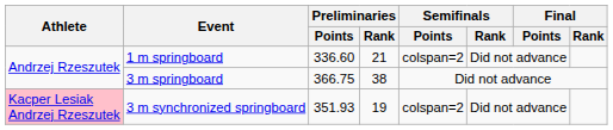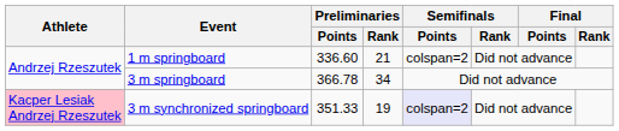 <table class=wikitable style="font-size:90%;">
 <tr>
 <th rowspan="2">Athlete</th>
 <th rowspan="2">Event</th>
 <th colspan="2">Preliminaries</th>
 <th colspan="2">Semifinals</th>
 <th colspan="2">Final</th>
 </tr>
 <tr style="font-size:95%">
 <th>Points</th>
 <th>Rank</th>
 <th>Points</th>
 <th>Rank</th>
 <th>Points</th>
 <th>Rank</th>
 </tr>
 <tr align=center>
 <td align=left rowspan=2><a href='#'>Andrzej Rzeszutek</a></td>
 <td align=left><a href='#'>1 m springboard</a></td>
 <td>336.60</td>
 <td>21</td>
 <td>colspan=2 </td>
 <td colspan=2>Did not advance</td>
 </tr>
 <tr align=center>
 <td align=left><a href='#'>3 m springboard</a></td>
-<td>366.75</td>
-<td>38</td>
+<td>366.78</td>
+<td>34</td>
 <td colspan=4>Did not advance</td>
 </tr>
 <tr align=center>
 <td align=left style="background: pink;"><a href='#'>Kacper Lesiak</a><br><a href='#'>Andrzej Rzeszutek</a></td>
 <td align=left><a href='#'>3 m synchronized springboard</a></td>
-<td>351.93</td>
+<td>351.33</td>
 <td>19</td>
-<td>colspan=2 </td>
+<td style="background: lavender;">colspan=2 </td>
 <td colspan=2>Did not advance</td>
 </tr>
 </table>
